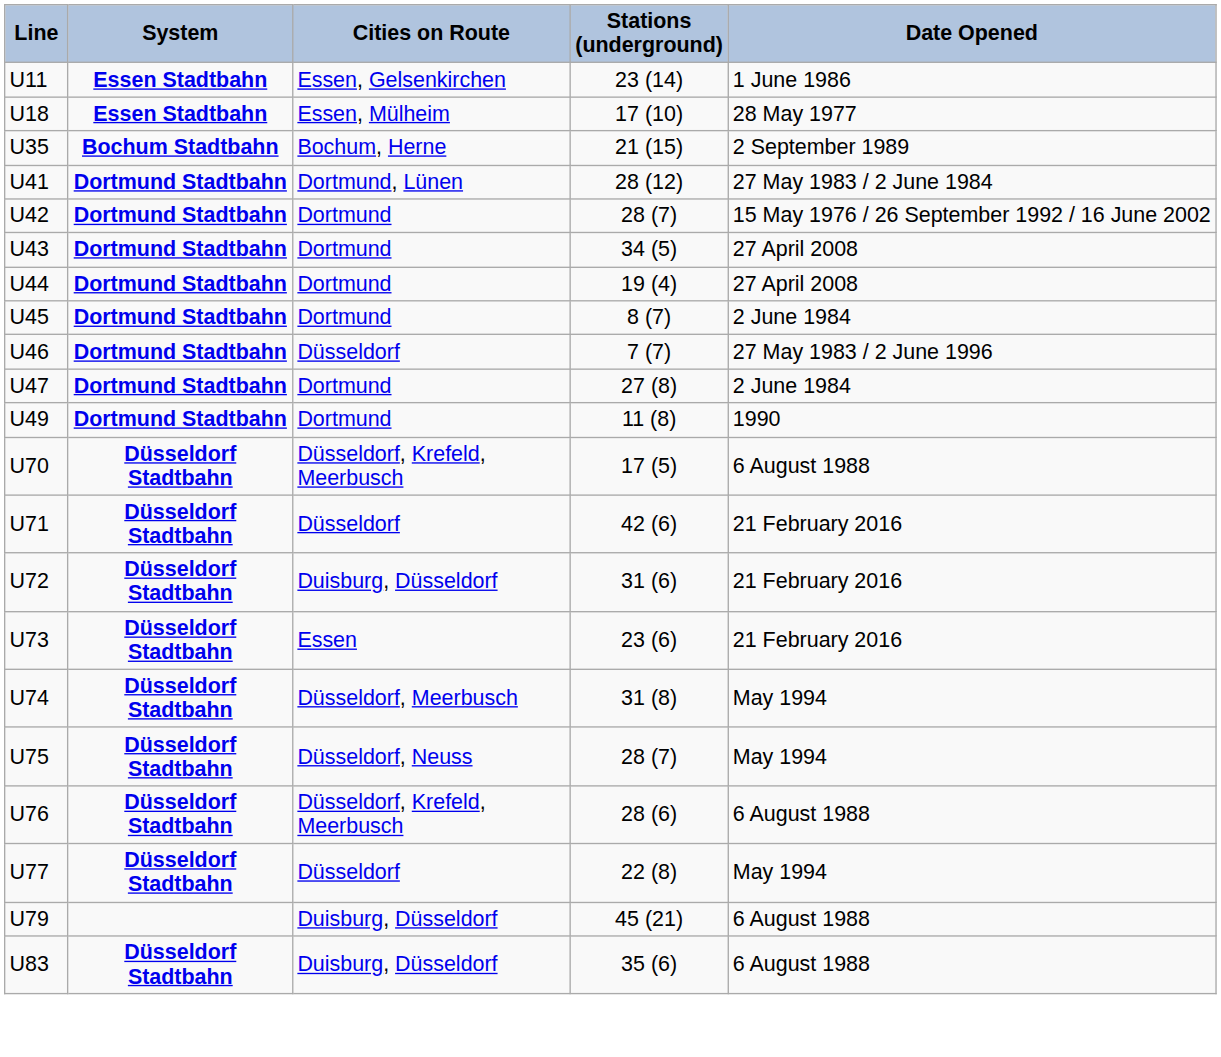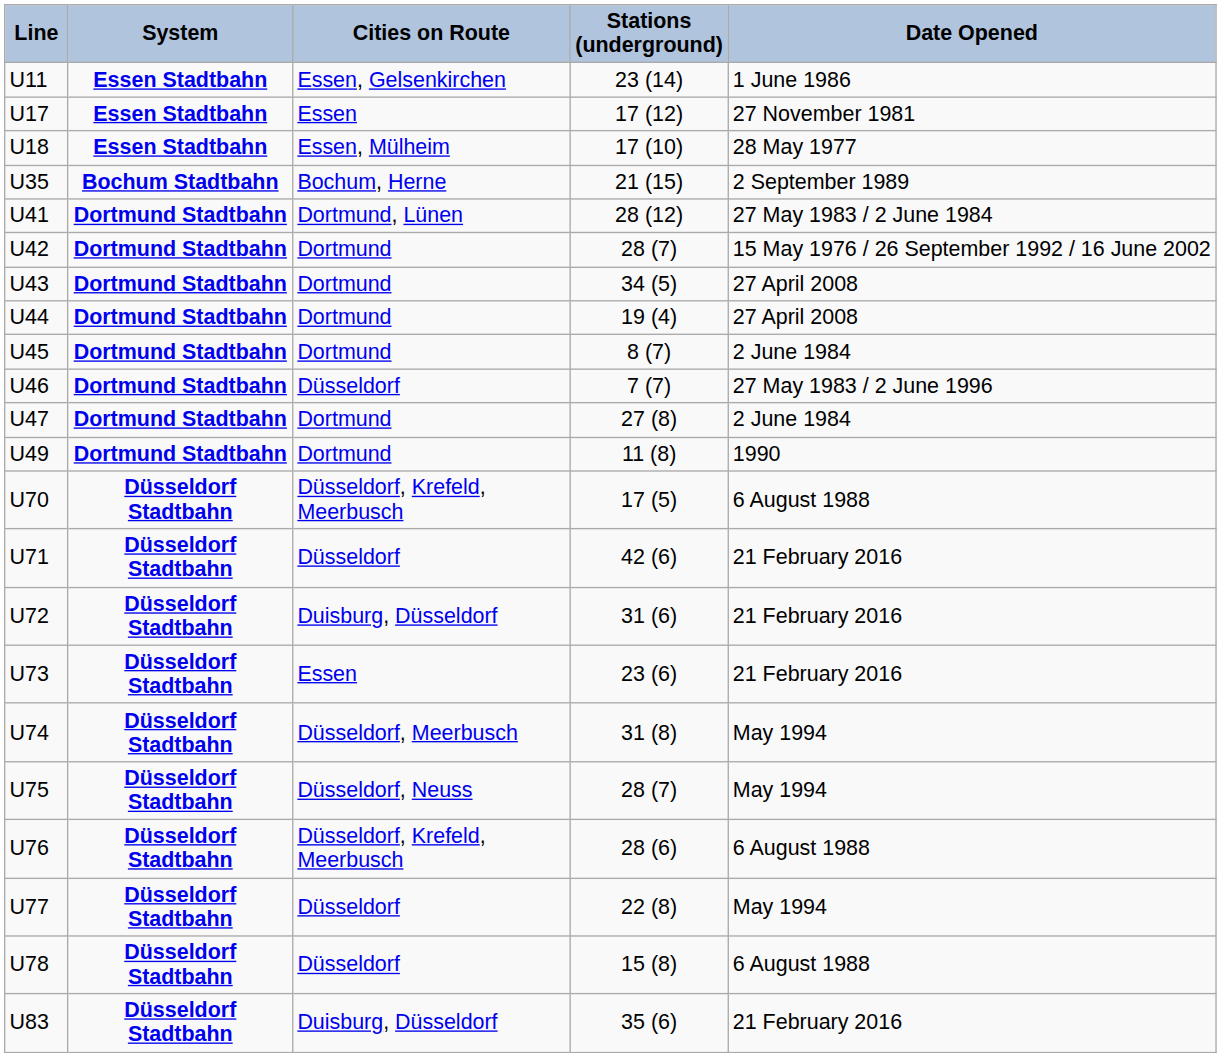 <table class="wikitable">
 <tr>
 <th style="background: lightsteelblue;" width="40px">Line</th>
 <th style="background: lightsteelblue;" width="160px">System</th>
 <th style="background: lightsteelblue;" width="200px">Cities on Route</th>
 <th style="background: lightsteelblue;">Stations<br>(underground)</th>
 <th style="background: lightsteelblue;">Date Opened </th>
 </tr>
 <tr>
 <td style="background-color:#">U11 </td>
 <td style="text-align:center;"><strong><a href='#'>Essen Stadtbahn</a></strong></td>
 <td><a href='#'>Essen</a>, <a href='#'>Gelsenkirchen</a></td>
 <td style="text-align:center;">23  (14)</td>
 <td>1 June 1986</td>
+</tr>
+<tr>
+<td style="background-color:#">U17 </td>
+<td style="text-align:center;"><strong><a href='#'>Essen Stadtbahn</a></strong></td>
+<td><a href='#'>Essen</a></td>
+<td style="text-align:center;">17  (12)</td>
+<td>27 November 1981</td>
 </tr>
 <tr>
 <td style="background-color:#">U18 </td>
 <td style="text-align:center;"><strong><a href='#'>Essen Stadtbahn</a></strong></td>
 <td><a href='#'>Essen</a>, <a href='#'>Mülheim</a></td>
 <td style="text-align:center;">17  (10)</td>
 <td>28 May 1977</td>
 </tr>
 <tr>
 <td style="background-color:#">U35 </td>
 <td style="text-align:center;"><strong><a href='#'>Bochum Stadtbahn</a></strong></td>
 <td><a href='#'>Bochum</a>, <a href='#'>Herne</a></td>
 <td style="text-align:center;">21  (15)</td>
 <td>2 September 1989</td>
 </tr>
 <tr>
 <td style="background-color:#">U41</td>
 <td style="text-align:center;"><strong><a href='#'>Dortmund Stadtbahn</a></strong></td>
 <td><a href='#'>Dortmund</a>, <a href='#'>Lünen</a></td>
 <td style="text-align:center;">28  (12)</td>
 <td>27 May 1983 / 2 June 1984</td>
 </tr>
 <tr>
 <td style="background-color:#">U42</td>
 <td style="text-align:center;"><strong><a href='#'>Dortmund Stadtbahn</a></strong></td>
 <td><a href='#'>Dortmund</a></td>
 <td style="text-align:center;">28  (7)</td>
 <td>15 May 1976 / 26 September 1992 / 16 June 2002</td>
 </tr>
 <tr>
 <td style="background-color:#">U43</td>
 <td style="text-align:center;"><strong><a href='#'>Dortmund Stadtbahn</a></strong></td>
 <td><a href='#'>Dortmund</a></td>
 <td style="text-align:center;">34  (5)</td>
 <td>27 April 2008</td>
 </tr>
 <tr>
 <td style="background-color:#">U44</td>
 <td style="text-align:center;"><strong><a href='#'>Dortmund Stadtbahn</a></strong></td>
 <td><a href='#'>Dortmund</a></td>
 <td style="text-align:center;">19  (4)</td>
 <td>27 April 2008</td>
 </tr>
 <tr>
 <td style="background-color:#">U45</td>
 <td style="text-align:center;"><strong><a href='#'>Dortmund Stadtbahn</a></strong></td>
 <td><a href='#'>Dortmund</a></td>
 <td style="text-align:center;">8  (7)</td>
 <td>2 June 1984</td>
 </tr>
 <tr>
 <td style="background-color:#">U46</td>
 <td style="text-align:center;"><strong><a href='#'>Dortmund Stadtbahn</a></strong></td>
 <td><a href='#'>Düsseldorf</a></td>
 <td style="text-align:center;">7  (7)</td>
 <td>27 May 1983 / 2 June 1996</td>
 </tr>
 <tr>
 <td style="background-color:#">U47</td>
 <td style="text-align:center;"><strong><a href='#'>Dortmund Stadtbahn</a></strong></td>
 <td><a href='#'>Dortmund</a></td>
 <td style="text-align:center;">27  (8)</td>
 <td>2 June 1984</td>
 </tr>
 <tr>
 <td style="background-color:#">U49</td>
 <td style="text-align:center;"><strong><a href='#'>Dortmund Stadtbahn</a></strong></td>
 <td><a href='#'>Dortmund</a></td>
 <td style="text-align:center;">11  (8)</td>
 <td>1990</td>
 </tr>
 <tr>
 <td style="background-color:#">U70 </td>
 <td style="text-align:center;"><strong><a href='#'>Düsseldorf Stadtbahn</a></strong></td>
 <td><a href='#'>Düsseldorf</a>, <a href='#'>Krefeld</a>, <a href='#'>Meerbusch</a></td>
 <td style="text-align:center;">17  (5)</td>
 <td>6 August 1988</td>
 </tr>
 <tr>
 <td style="background-color:#">U71 </td>
 <td style="text-align:center;"><strong><a href='#'>Düsseldorf Stadtbahn</a></strong></td>
 <td><a href='#'>Düsseldorf</a></td>
 <td style="text-align:center;">42  (6)</td>
 <td>21 February 2016</td>
 </tr>
 <tr>
 <td style="background-color:#">U72 </td>
 <td style="text-align:center;"><strong><a href='#'>Düsseldorf Stadtbahn</a></strong></td>
 <td><a href='#'>Duisburg</a>, <a href='#'>Düsseldorf</a></td>
 <td style="text-align:center;">31  (6)</td>
 <td>21 February 2016</td>
 </tr>
 <tr>
 <td style="background-color:#">U73 </td>
 <td style="text-align:center;"><strong><a href='#'>Düsseldorf Stadtbahn</a></strong></td>
 <td><a href='#'>Essen</a></td>
 <td style="text-align:center;">23  (6)</td>
 <td>21 February 2016</td>
 </tr>
 <tr>
 <td style="background-color:#">U74 </td>
 <td style="text-align:center;"><strong><a href='#'>Düsseldorf Stadtbahn</a></strong></td>
 <td><a href='#'>Düsseldorf</a>, <a href='#'>Meerbusch</a></td>
 <td style="text-align:center;">31  (8)</td>
 <td>May 1994</td>
 </tr>
 <tr>
 <td style="background-color:#">U75 </td>
 <td style="text-align:center;"><strong><a href='#'>Düsseldorf Stadtbahn</a></strong></td>
 <td><a href='#'>Düsseldorf</a>, <a href='#'>Neuss</a></td>
 <td style="text-align:center;">28  (7)</td>
 <td>May 1994</td>
 </tr>
 <tr>
 <td style="background-color:#">U76 </td>
 <td style="text-align:center;"><strong><a href='#'>Düsseldorf Stadtbahn</a></strong></td>
 <td><a href='#'>Düsseldorf</a>, <a href='#'>Krefeld</a>, <a href='#'>Meerbusch</a></td>
 <td style="text-align:center;">28  (6)</td>
 <td>6 August 1988</td>
 </tr>
 <tr>
 <td style="background-color:#">U77 </td>
 <td style="text-align:center;"><strong><a href='#'>Düsseldorf Stadtbahn</a></strong></td>
 <td><a href='#'>Düsseldorf</a></td>
 <td style="text-align:center;">22  (8)</td>
 <td>May 1994</td>
 </tr>
 <tr>
-<td style="background-color:#">U79 </td>
-<td style="text-align:center;"></td>
-<td><a href='#'>Duisburg</a>, <a href='#'>Düsseldorf</a></td>
-<td style="text-align:center;">45  (21)</td>
+<td style="background-color:#">U78 </td>
+<td style="text-align:center;"><strong><a href='#'>Düsseldorf Stadtbahn</a></strong></td>
+<td><a href='#'>Düsseldorf</a></td>
+<td style="text-align:center;">15  (8)</td>
 <td>6 August 1988</td>
 </tr>
 <tr>
 <td style="background-color:#">U83 </td>
 <td style="text-align:center;"><strong><a href='#'>Düsseldorf Stadtbahn</a></strong></td>
 <td><a href='#'>Duisburg</a>, <a href='#'>Düsseldorf</a></td>
 <td style="text-align:center;">35  (6)</td>
-<td>6 August 1988</td>
+<td>21 February 2016</td>
 </tr>
 </table>
